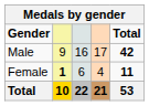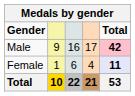 <table class="wikitable" style="text-align:center;font-size:90%">
 <tr style="background:#efefef;">
 <th colspan=7>Medals by gender</th>
 </tr>
 <tr>
 <td><strong>Gender</strong></td>
 <td bgcolor=#f7f6a8></td>
 <td bgcolor=#dce5e5></td>
 <td bgcolor=#ffdab9></td>
 <td><strong>Total</strong></td>
 </tr>
 <tr>
 <td style="text-align:left;">Male</td>
 <td style="background:#F7F6A8;">9</td>
 <td style="background:#DCE5E5;">16</td>
 <td style="background:#FFDAB9;">17</td>
-<td><strong>42</strong></td>
+<td style="background: pink;"><strong>42</strong></td>
 </tr>
 <tr>
 <td style="text-align:left;">Female</td>
-<td style="background:#F7F6A8;"><strong>1</strong></td>
+<td style="background:#F7F6A8;">1</td>
 <td style="background:#DCE5E5;">6</td>
 <td style="background:#FFDAB9;">4</td>
-<td><strong>11</strong></td>
+<td style="background: lavender;"><strong>11</strong></td>
 </tr>
 <tr>
 <th style="text-align:left;">Total</th>
 <th style="background:gold;">10</th>
 <th style="background:silver;">22</th>
 <th style="background:#c96;">21</th>
 <th>53</th>
 </tr>
 </table>
